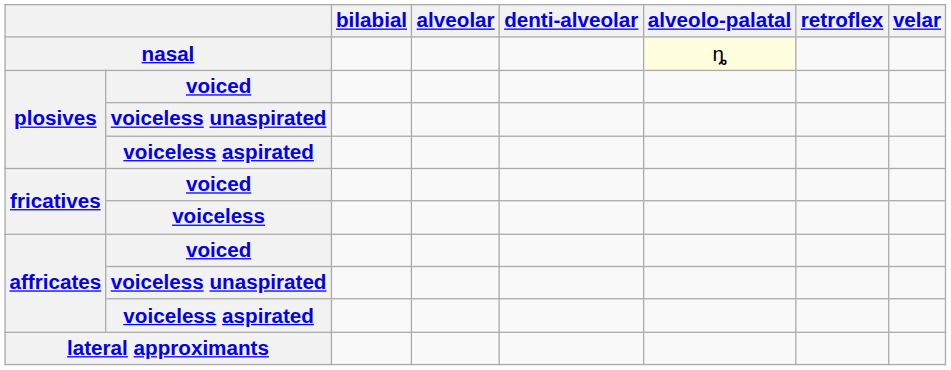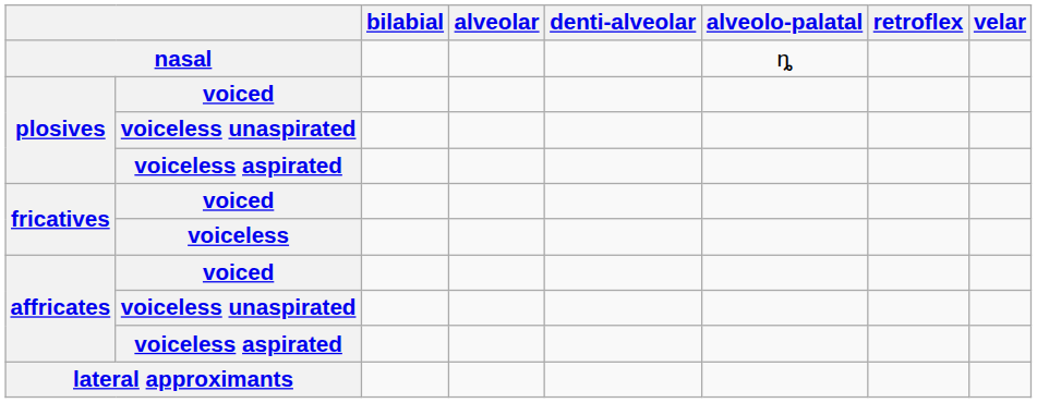 <table class="wikitable" style="text-align:center; margin:1em auto 1em auto">
 <tr>
 <th colspan=2> </th>
 <th><a href='#'>bilabial</a></th>
 <th><a href='#'>alveolar</a></th>
 <th><a href='#'>denti-alveolar</a></th>
 <th><a href='#'>alveolo-palatal</a></th>
 <th><a href='#'>retroflex</a></th>
 <th><a href='#'>velar</a></th>
 </tr>
 <tr>
 <th colspan=2><a href='#'>nasal</a></th>
 <td></td>
 <td></td>
 <td> </td>
-<td style="background: lightyellow;">ȵ</td>
+<td>ȵ</td>
 <td> </td>
 <td></td>
 </tr>
 <tr>
 <th rowspan=3><a href='#'>plosives</a></th>
 <th><a href='#'>voiced</a></th>
 <td></td>
 <td></td>
 <td> </td>
 <td> </td>
 <td> </td>
 <td></td>
 </tr>
 <tr>
 <th><a href='#'>voiceless</a> <a href='#'>unaspirated</a></th>
 <td></td>
 <td></td>
 <td> </td>
 <td> </td>
 <td> </td>
 <td></td>
 </tr>
 <tr>
 <th><a href='#'>voiceless</a> <a href='#'>aspirated</a></th>
 <td></td>
 <td></td>
 <td> </td>
 <td> </td>
 <td> </td>
 <td></td>
 </tr>
 <tr>
 <th rowspan=2><a href='#'>fricatives</a></th>
 <th><a href='#'>voiced</a></th>
 <td> </td>
 <td> </td>
 <td> </td>
 <td> </td>
 <td> </td>
 <td></td>
 </tr>
 <tr>
 <th><a href='#'>voiceless</a></th>
 <td> </td>
 <td> </td>
 <td></td>
 <td></td>
 <td></td>
 <td></td>
 </tr>
 <tr>
 <th rowspan=3><a href='#'>affricates</a></th>
 <th><a href='#'>voiced</a></th>
 <td> </td>
 <td> </td>
 <td></td>
 <td></td>
 <td></td>
 <td> </td>
 </tr>
 <tr>
 <th><a href='#'>voiceless</a> <a href='#'>unaspirated</a></th>
 <td> </td>
 <td> </td>
 <td></td>
 <td></td>
 <td></td>
 <td> </td>
 </tr>
 <tr>
 <th><a href='#'>voiceless</a> <a href='#'>aspirated</a></th>
 <td> </td>
 <td> </td>
 <td></td>
 <td></td>
 <td></td>
 <td> </td>
 </tr>
 <tr>
 <th colspan=2><a href='#'>lateral</a> <a href='#'>approximants</a></th>
 <td> </td>
 <td></td>
 <td> </td>
 <td> </td>
 <td> </td>
 <td> </td>
 </tr>
 </table>
